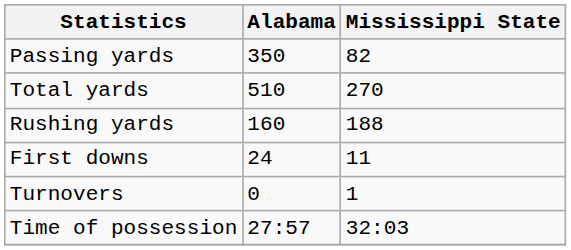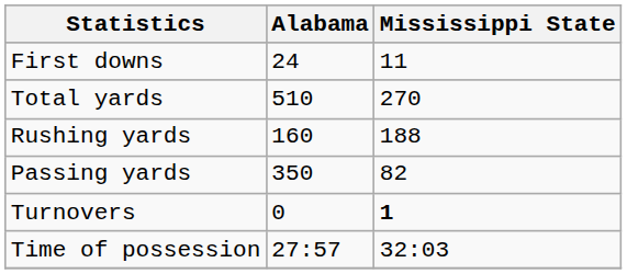 <table class="wikitable" style="float: left;">
 <tr>
 <th>Statistics</th>
 <th>Alabama</th>
 <th>Mississippi State</th>
 </tr>
 <tr>
-<td>Passing yards</td>
-<td>350</td>
-<td>82</td>
+<td>First downs</td>
+<td>24</td>
+<td>11</td>
 </tr>
 <tr>
 <td>Total yards</td>
 <td>510</td>
 <td>270</td>
 </tr>
 <tr>
 <td>Rushing yards</td>
 <td>160</td>
 <td>188</td>
 </tr>
 <tr>
-<td>First downs</td>
-<td>24</td>
-<td>11</td>
+<td>Passing yards</td>
+<td>350</td>
+<td>82</td>
 </tr>
 <tr>
 <td>Turnovers</td>
 <td>0</td>
-<td>1</td>
+<td><strong>1</strong></td>
 </tr>
 <tr>
 <td>Time of possession</td>
 <td>27:57</td>
 <td>32:03</td>
 </tr>
 <tr>
 </tr>
 </table>
